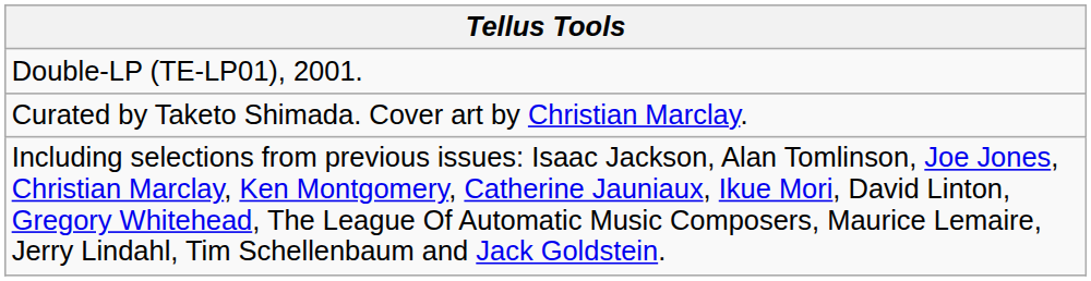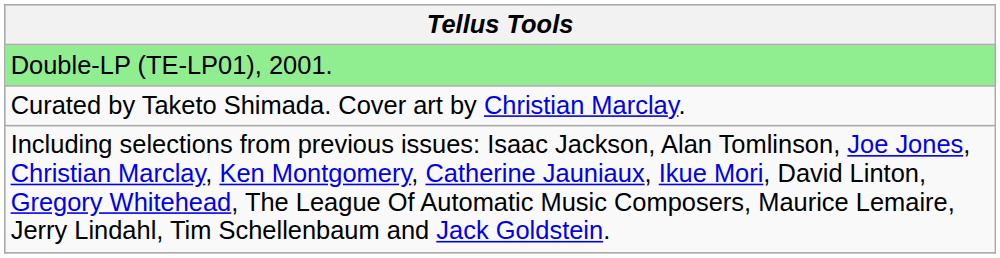 <table class="wikitable" style="width:100%;">
 <tr>
 <th><div><em>Tellus Tools</em></div></th>
 </tr>
 <tr>
-<td>Double-LP (TE-LP01), 2001.</td>
+<td style="background: lightgreen;">Double-LP (TE-LP01), 2001.</td>
 </tr>
 <tr>
 <td>Curated by Taketo Shimada. Cover art by <a href='#'>Christian Marclay</a>.</td>
 </tr>
 <tr>
 <td>Including selections from previous issues: Isaac Jackson, Alan Tomlinson, <a href='#'>Joe Jones</a>, <a href='#'>Christian Marclay</a>, <a href='#'>Ken Montgomery</a>, <a href='#'>Catherine Jauniaux</a>, <a href='#'>Ikue Mori</a>, David Linton, <a href='#'>Gregory Whitehead</a>, The League Of Automatic Music Composers, Maurice Lemaire, Jerry Lindahl, Tim Schellenbaum and <a href='#'>Jack Goldstein</a>.</td>
 </tr>
 </table>
